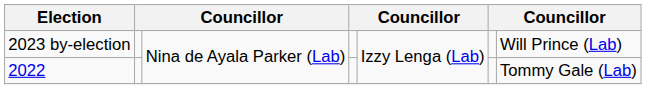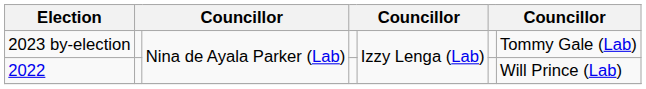 <table class="wikitable">
 <tr>
 <th>Election</th>
 <th colspan="2">Councillor</th>
 <th colspan="2">Councillor</th>
 <th colspan="2">Councillor</th>
 </tr>
 <tr>
 <td>2023 by-election</td>
 <td style="background-color: "></td>
 <td rowspan="2">Nina de Ayala Parker (<a href='#'>Lab</a>)</td>
 <td style="background-color: "></td>
 <td rowspan="2">Izzy Lenga (<a href='#'>Lab</a>)</td>
 <td style="background-color: "></td>
-<td>Will Prince (<a href='#'>Lab</a>)</td>
+<td>Tommy Gale (<a href='#'>Lab</a>)</td>
 </tr>
 <tr>
 <td><a href='#'>2022</a></td>
 <td style="background-color: "></td>
 <td style="background-color: "></td>
 <td style="background-color: "></td>
-<td>Tommy Gale (<a href='#'>Lab</a>)</td>
+<td>Will Prince (<a href='#'>Lab</a>)</td>
 </tr>
 <tr>
 </tr>
 </table>
